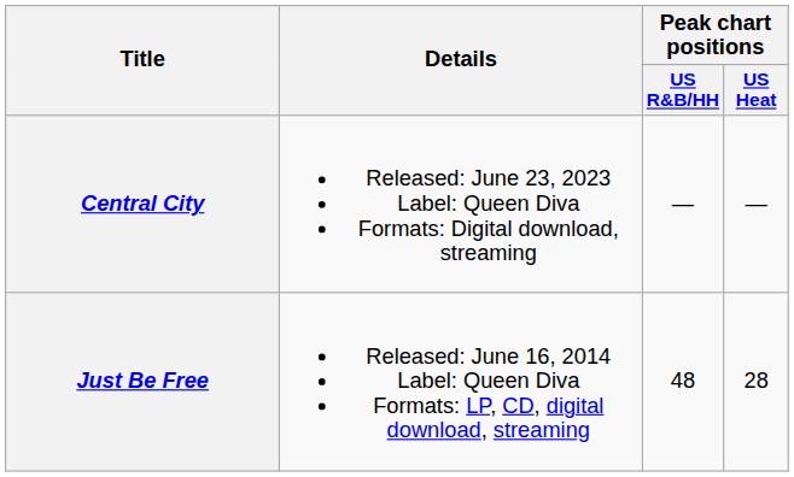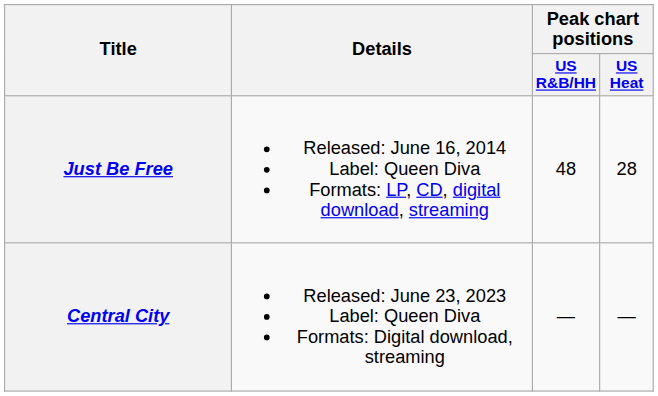 <table class="wikitable plainrowheaders" style="text-align:center;" border="1">
 <tr>
 <th scope="col" rowspan="2" style="width:12em;">Title</th>
 <th scope="col" rowspan="2" style="width:16em;">Details</th>
 <th colspan="2" scope="col">Peak chart positions</th>
 </tr>
 <tr>
 <th scope="col" style="width:3em;font-size:85%;"><a href='#'>US<br>R&B/HH</a><br></th>
 <th scope="col" style="width:3em;font-size:85%;"><a href='#'>US<br>Heat</a><br></th>
 </tr>
 <tr>
+<th scope="row"><em><a href='#'>Just Be Free</a></em></th>
+<td><br><ul><li>Released: June 16, 2014</li><li>Label: Queen Diva</li><li>Formats: <a href='#'>LP</a>, <a href='#'>CD</a>, <a href='#'>digital download</a>, <a href='#'>streaming</a></li></ul></td>
+<td>48</td>
+<td>28</td>
+</tr>
+<tr>
 <th scope="row"><em><a href='#'>Central City</a></em></th>
 <td><br><ul><li>Released: June 23, 2023</li><li>Label: Queen Diva</li><li>Formats: Digital download, streaming</li></ul></td>
 <td>—</td>
 <td>—</td>
 </tr>
-<tr>
-<th scope="row"><em><a href='#'>Just Be Free</a></em></th>
-<td><br><ul><li>Released: June 16, 2014</li><li>Label: Queen Diva</li><li>Formats: <a href='#'>LP</a>, <a href='#'>CD</a>, <a href='#'>digital download</a>, <a href='#'>streaming</a></li></ul></td>
-<td>48</td>
-<td>28</td>
-</tr>
 </table>
